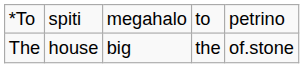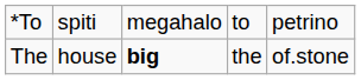 <table class="wikitable" border="1">
 <tr>
 <td>*To</td>
 <td>spiti</td>
 <td>megahalo</td>
 <td>to</td>
 <td>petrino</td>
 </tr>
 <tr>
 <td>The</td>
 <td>house</td>
-<td>big</td>
+<td><strong>big</strong></td>
 <td>the</td>
 <td>of.stone </td>
 </tr>
 </table>
